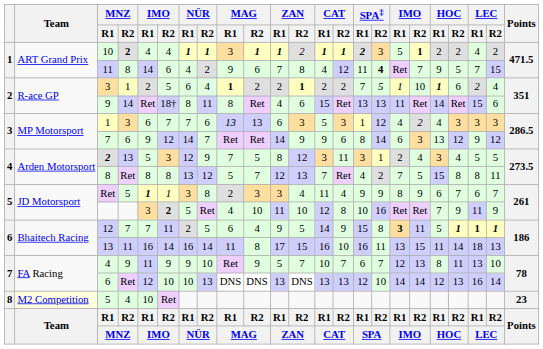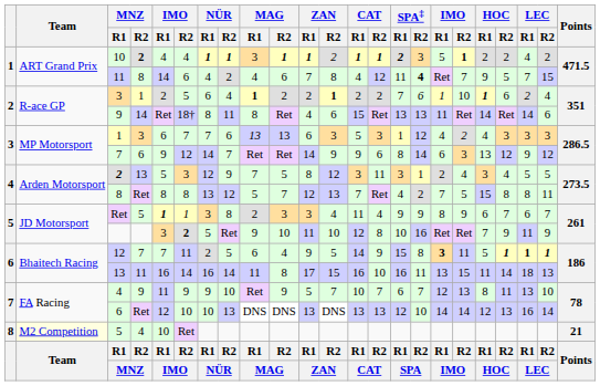 <table class="wikitable" style="font-size:85%; text-align:center">
 <tr>
 <th rowspan="2" valign="middle"></th>
 <th rowspan="2" valign="middle">Team</th>
 <th colspan="2"><a href='#'>MNZ</a><br></th>
 <th colspan="2"><a href='#'>IMO</a><br></th>
 <th colspan="2"><a href='#'>NÜR</a><br></th>
 <th colspan="2"><a href='#'>MAG</a><br></th>
 <th colspan="2"><a href='#'>ZAN</a><br></th>
 <th colspan="2"><a href='#'>CAT</a><br></th>
 <th colspan="2"><a href='#'>SPA<sup>‡</sup></a><br></th>
 <th colspan="2"><a href='#'>IMO</a><br></th>
 <th colspan="2"><a href='#'>HOC</a><br></th>
 <th colspan="2"><a href='#'>LEC</a><br></th>
 <th rowspan="2" valign="middle">Points</th>
 </tr>
 <tr>
 <th>R1</th>
 <th>R2</th>
 <th>R1</th>
 <th>R2</th>
 <th>R1</th>
 <th>R2</th>
 <th>R1</th>
 <th>R2</th>
 <th>R1</th>
 <th>R2</th>
 <th>R1</th>
 <th>R2</th>
 <th>R1</th>
 <th>R2</th>
 <th>R1</th>
 <th>R2</th>
 <th>R1</th>
 <th>R2</th>
 <th>R1</th>
 <th>R2</th>
 </tr>
 <tr>
 <th rowspan="2">1</th>
 <td rowspan="2" align="left"> <a href='#'>ART Grand Prix</a></td>
 <td style="background:#dfffdf;">10</td>
 <td style="background:#dfdfdf;"><strong>2</strong></td>
 <td style="background:#dfffdf;">4</td>
 <td style="background:#dfffdf;">4</td>
 <td style="background:#ffffbf;"><strong><em>1</em></strong></td>
 <td style="background:#ffffbf;"><strong><em>1</em></strong></td>
 <td style="background:#ffdf9f;">3</td>
 <td style="background:#ffffbf;"><strong><em>1</em></strong></td>
 <td style="background:#ffffbf;"><strong><em>1</em></strong></td>
 <td style="background:#dfdfdf;"><em>2</em></td>
 <td style="background:#ffffbf;"><strong><em>1</em></strong></td>
 <td style="background:#ffffbf;"><strong><em>1</em></strong></td>
 <td style="background:#dfdfdf;"><strong><em>2</em></strong></td>
 <td style="background:#ffdf9f;">3</td>
 <td style="background:#dfffdf;">5</td>
 <td style="background:#ffffbf;"><strong>1</strong></td>
 <td style="background:#dfdfdf;">2</td>
 <td style="background:#dfdfdf;">2</td>
 <td style="background:#dfffdf;">4</td>
 <td style="background:#dfdfdf;">2</td>
 <th rowspan="2">471.5</th>
 </tr>
 <tr>
 <td style="background:#cfcfff;">11</td>
 <td style="background:#dfffdf;">8</td>
 <td style="background:#cfcfff;">14</td>
 <td style="background:#dfffdf;">6</td>
 <td style="background:#dfffdf;">4</td>
 <td style="background:#dfdfdf;">2</td>
-<td style="background:#dfffdf;">9</td>
+<td style="background:#dfffdf;">4</td>
 <td style="background:#dfffdf;">6</td>
 <td style="background:#dfffdf;">7</td>
 <td style="background:#dfffdf;">8</td>
 <td style="background:#dfffdf;">4</td>
 <td style="background:#cfcfff;">12</td>
 <td style="background:#dfffdf;">11</td>
 <td style="background:#dfffdf;"><strong>4</strong></td>
 <td style="background:#efcfff;">Ret</td>
 <td style="background:#dfffdf;">7</td>
 <td style="background:#dfffdf;">9</td>
 <td style="background:#dfffdf;">5</td>
 <td style="background:#dfffdf;">7</td>
 <td style="background:#cfcfff;">15</td>
 </tr>
 <tr>
 <th rowspan="2">2</th>
 <td rowspan="2" align="left"> <a href='#'>R-ace GP</a></td>
 <td style="background:#ffdf9f;">3</td>
 <td style="background:#ffffbf;">1</td>
 <td style="background:#dfdfdf;">2</td>
 <td style="background:#dfffdf;">5</td>
 <td style="background:#dfffdf;">6</td>
 <td style="background:#dfffdf;">4</td>
 <td style="background:#ffffbf;"><strong>1</strong></td>
 <td style="background:#dfdfdf;">2</td>
 <td style="background:#dfdfdf;">2</td>
 <td style="background:#ffffbf;"><strong>1</strong></td>
 <td style="background:#dfdfdf;">2</td>
 <td style="background:#dfdfdf;">2</td>
 <td style="background:#dfffdf;">7</td>
-<td style="background:#dfffdf;"><em>5</em></td>
+<td style="background:#dfffdf;"><em>6</em></td>
 <td style="background:#ffffbf;"><em>1</em></td>
 <td style="background:#dfffdf;">10</td>
 <td style="background:#ffffbf;"><strong><em>1</em></strong></td>
 <td style="background:#dfffdf;">6</td>
 <td style="background:#dfdfdf;"><em>2</em></td>
 <td style="background:#dfffdf;">4</td>
 <th rowspan="2">351</th>
 </tr>
 <tr>
 <td style="background:#dfffdf;">9</td>
 <td style="background:#cfcfff;">14</td>
 <td style="background:#efcfff;">Ret</td>
 <td style="background:#cfcfff;">18†</td>
 <td style="background:#dfffdf;">8</td>
 <td style="background:#cfcfff;">11</td>
 <td style="background:#dfffdf;">8</td>
 <td style="background:#efcfff;">Ret</td>
 <td style="background:#dfffdf;">4</td>
 <td style="background:#dfffdf;">6</td>
 <td style="background:#cfcfff;">15</td>
 <td style="background:#efcfff;">Ret</td>
 <td style="background:#cfcfff;">13</td>
 <td style="background:#cfcfff;">13</td>
 <td style="background:#cfcfff;">11</td>
 <td style="background:#efcfff;">Ret</td>
 <td style="background:#cfcfff;">14</td>
 <td style="background:#efcfff;">Ret</td>
-<td style="background:#cfcfff;">15</td>
+<td style="background:#cfcfff;">14</td>
 <td style="background:#dfffdf;">6</td>
 </tr>
 <tr>
 <th rowspan="2">3</th>
 <td rowspan="2" align="left"> <a href='#'>MP Motorsport</a></td>
 <td style="background:#ffffbf;">1</td>
 <td style="background:#ffdf9f;">3</td>
 <td style="background:#dfffdf;">6</td>
 <td style="background:#dfffdf;">7</td>
 <td style="background:#dfffdf;">7</td>
 <td style="background:#dfffdf;">6</td>
 <td style="background:#cfcfff;"><em>13</em></td>
 <td style="background:#cfcfff;">13</td>
 <td style="background:#dfffdf;">6</td>
 <td style="background:#ffdf9f;">3</td>
 <td style="background:#dfffdf;">5</td>
 <td style="background:#ffdf9f;">3</td>
 <td style="background:#ffffbf;">1</td>
 <td style="background:#cfcfff;">12</td>
 <td style="background:#dfffdf;">4</td>
 <td style="background:#dfdfdf;"><em>2</em></td>
 <td style="background:#dfffdf;">4</td>
 <td style="background:#ffdf9f;">3</td>
 <td style="background:#ffdf9f;">3</td>
 <td style="background:#ffdf9f;">3</td>
 <th rowspan="2">286.5</th>
 </tr>
 <tr>
 <td style="background:#dfffdf;">7</td>
 <td style="background:#dfffdf;">6</td>
 <td style="background:#dfffdf;">9</td>
 <td style="background:#cfcfff;">12</td>
 <td style="background:#cfcfff;">14</td>
 <td style="background:#dfffdf;">7</td>
 <td style="background:#efcfff;">Ret</td>
 <td style="background:#efcfff;">Ret</td>
 <td style="background:#cfcfff;">14</td>
 <td style="background:#dfffdf;">9</td>
 <td style="background:#dfffdf;">9</td>
 <td style="background:#dfffdf;">6</td>
 <td style="background:#dfffdf;">8</td>
 <td style="background:#cfcfff;">14</td>
 <td style="background:#dfffdf;">6</td>
 <td style="background:#ffdf9f;">3</td>
 <td style="background:#dfffdf;">13</td>
 <td style="background:#cfcfff;">12</td>
 <td style="background:#dfffdf;">9</td>
 <td style="background:#cfcfff;">12</td>
 </tr>
 <tr>
 <th rowspan="2">4</th>
 <td rowspan="2" align="left"> <a href='#'>Arden Motorsport</a></td>
 <td style="background:#dfdfdf;"><strong><em>2</em></strong></td>
 <td style="background:#cfcfff;">13</td>
 <td style="background:#dfffdf;">5</td>
 <td style="background:#ffdf9f;">3</td>
 <td style="background:#cfcfff;">12</td>
 <td style="background:#dfffdf;">9</td>
 <td style="background:#dfffdf;">7</td>
 <td style="background:#dfffdf;">5</td>
 <td style="background:#dfffdf;">8</td>
 <td style="background:#cfcfff;">12</td>
 <td style="background:#ffdf9f;">3</td>
 <td style="background:#dfffdf;">11</td>
 <td style="background:#ffdf9f;">3</td>
 <td style="background:#ffffbf;">1</td>
 <td style="background:#dfdfdf;">2</td>
 <td style="background:#dfffdf;">4</td>
 <td style="background:#ffdf9f;">3</td>
 <td style="background:#dfffdf;">4</td>
 <td style="background:#dfffdf;">5</td>
 <td style="background:#dfffdf;">5</td>
 <th rowspan="2">273.5</th>
 </tr>
 <tr>
 <td style="background:#dfffdf;">8</td>
 <td style="background:#efcfff;">Ret</td>
 <td style="background:#dfffdf;">8</td>
 <td style="background:#dfffdf;">8</td>
 <td style="background:#cfcfff;">13</td>
 <td style="background:#cfcfff;">12</td>
 <td style="background:#dfffdf;">5</td>
 <td style="background:#dfffdf;">7</td>
 <td style="background:#cfcfff;">12</td>
 <td style="background:#cfcfff;">13</td>
 <td style="background:#dfffdf;">7</td>
 <td style="background:#efcfff;">Ret</td>
 <td style="background:#dfffdf;">4</td>
 <td style="background:#dfdfdf;">2</td>
 <td style="background:#dfffdf;">7</td>
 <td style="background:#dfffdf;">5</td>
 <td style="background:#cfcfff;">15</td>
 <td style="background:#dfffdf;">8</td>
 <td style="background:#dfffdf;">8</td>
 <td style="background:#dfffdf;">11</td>
 </tr>
 <tr>
 <th rowspan="2">5</th>
 <td rowspan="2" align="left"> <a href='#'>JD Motorsport</a></td>
 <td style="background:#efcfff;">Ret</td>
 <td style="background:#dfffdf;">5</td>
 <td style="background:#ffffbf;"><strong><em>1</em></strong></td>
 <td style="background:#ffffbf;"><em>1</em></td>
 <td style="background:#ffdf9f;">3</td>
 <td style="background:#dfffdf;">8</td>
 <td style="background:#dfdfdf;">2</td>
 <td style="background:#ffdf9f;">3</td>
 <td style="background:#ffdf9f;">3</td>
 <td style="background:#dfffdf;">4</td>
 <td style="background:#dfffdf;">11</td>
 <td style="background:#dfffdf;">4</td>
 <td style="background:#dfffdf;">9</td>
 <td style="background:#dfffdf;">9</td>
 <td style="background:#dfffdf;">8</td>
 <td style="background:#dfffdf;">9</td>
 <td style="background:#dfffdf;">6</td>
 <td style="background:#dfffdf;">7</td>
 <td style="background:#dfffdf;">6</td>
 <td style="background:#dfffdf;">7</td>
 <th rowspan="2">261</th>
 </tr>
 <tr>
 <td></td>
 <td></td>
 <td style="background:#ffdf9f;">3</td>
 <td style="background:#dfdfdf;"><strong>2</strong></td>
 <td style="background:#dfffdf;">5</td>
 <td style="background:#efcfff;">Ret</td>
-<td style="background:#dfffdf;">4</td>
+<td style="background:#dfffdf;">9</td>
 <td style="background:#dfffdf;">10</td>
 <td style="background:#cfcfff;">11</td>
 <td style="background:#dfffdf;">10</td>
 <td style="background:#cfcfff;">12</td>
 <td style="background:#dfffdf;">8</td>
 <td style="background:#dfffdf;">10</td>
 <td style="background:#cfcfff;">16</td>
 <td style="background:#efcfff;">Ret</td>
 <td style="background:#efcfff;">Ret</td>
 <td style="background:#dfffdf;">7</td>
 <td style="background:#dfffdf;">9</td>
 <td style="background:#cfcfff;">11</td>
 <td style="background:#dfffdf;">9</td>
 </tr>
 <tr>
 <th rowspan="2">6</th>
 <td rowspan="2" align="left"> <a href='#'>Bhaitech Racing</a></td>
 <td style="background:#cfcfff;">12</td>
 <td style="background:#dfffdf;">7</td>
 <td style="background:#dfffdf;">7</td>
 <td style="background:#cfcfff;">11</td>
 <td style="background:#dfdfdf;">2</td>
 <td style="background:#dfffdf;">5</td>
 <td style="background:#dfffdf;">6</td>
 <td style="background:#dfffdf;">4</td>
 <td style="background:#dfffdf;">9</td>
 <td style="background:#dfffdf;">5</td>
 <td style="background:#cfcfff;">14</td>
 <td style="background:#dfffdf;">9</td>
 <td style="background:#cfcfff;">15</td>
 <td style="background:#dfffdf;">8</td>
 <td style="background:#ffdf9f;"><strong>3</strong></td>
 <td style="background:#cfcfff;">11</td>
 <td style="background:#dfffdf;">5</td>
 <td style="background:#ffffbf;"><strong><em>1</em></strong></td>
 <td style="background:#ffffbf;"><strong>1</strong></td>
 <td style="background:#ffffbf;"><strong><em>1</em></strong></td>
 <th rowspan="2">186</th>
 </tr>
 <tr>
 <td style="background:#cfcfff;">13</td>
 <td style="background:#cfcfff;">11</td>
 <td style="background:#cfcfff;">16</td>
 <td style="background:#cfcfff;">14</td>
 <td style="background:#cfcfff;">16</td>
 <td style="background:#cfcfff;">14</td>
 <td style="background:#cfcfff;">11</td>
 <td style="background:#dfffdf;">8</td>
 <td style="background:#cfcfff;">17</td>
 <td style="background:#cfcfff;">15</td>
 <td style="background:#cfcfff;">16</td>
 <td style="background:#dfffdf;">10</td>
 <td style="background:#cfcfff;">16</td>
 <td style="background:#dfffdf;">11</td>
 <td style="background:#cfcfff;">13</td>
 <td style="background:#cfcfff;">15</td>
 <td style="background:#cfcfff;">11</td>
 <td style="background:#cfcfff;">14</td>
 <td style="background:#cfcfff;">18</td>
 <td style="background:#cfcfff;">13</td>
 </tr>
 <tr>
 <th rowspan="2">7</th>
 <td rowspan="2" align="left"> <a href='#'>FA</a> Racing</td>
 <td style="background:#dfffdf;">4</td>
 <td style="background:#dfffdf;">9</td>
 <td style="background:#cfcfff;">11</td>
 <td style="background:#dfffdf;">9</td>
 <td style="background:#dfffdf;">9</td>
 <td style="background:#dfffdf;">10</td>
 <td style="background:#efcfff;">Ret</td>
 <td style="background:#dfffdf;">9</td>
 <td style="background:#dfffdf;">5</td>
 <td style="background:#dfffdf;">7</td>
 <td style="background:#dfffdf;">10</td>
 <td style="background:#dfffdf;">7</td>
 <td style="background:#dfffdf;">6</td>
 <td style="background:#dfffdf;">7</td>
 <td style="background:#cfcfff;">12</td>
 <td style="background:#cfcfff;">13</td>
 <td style="background:#dfffdf;">8</td>
 <td style="background:#cfcfff;">11</td>
 <td style="background:#cfcfff;">13</td>
 <td style="background:#dfffdf;">10</td>
 <th rowspan="2">78</th>
 </tr>
 <tr>
 <td style="background:#dfffdf;">6</td>
 <td style="background:#efcfff;">Ret</td>
 <td style="background:#cfcfff;">12</td>
 <td style="background:#dfffdf;">10</td>
 <td style="background:#dfffdf;">10</td>
 <td style="background:#cfcfff;">13</td>
 <td style="background:#ffffff;">DNS</td>
 <td style="background:#ffffff;">DNS</td>
 <td style="background:#cfcfff;">13</td>
 <td style="background:#ffffff;">DNS</td>
 <td style="background:#cfcfff;">13</td>
 <td style="background:#cfcfff;">13</td>
 <td style="background:#cfcfff;">12</td>
 <td style="background:#dfffdf;">10</td>
 <td style="background:#cfcfff;">14</td>
 <td style="background:#cfcfff;">14</td>
 <td style="background:#cfcfff;">12</td>
 <td style="background:#cfcfff;">13</td>
 <td style="background:#cfcfff;">16</td>
 <td style="background:#cfcfff;">14</td>
 </tr>
 <tr>
 <th>8</th>
 <td align="left" style="background: lightyellow;"> <a href='#'>M2 Competition</a></td>
 <td style="background:#dfffdf;">5</td>
 <td style="background:#dfffdf;">4</td>
 <td style="background:#dfffdf;">10</td>
 <td style="background:#efcfff;">Ret</td>
 <td></td>
 <td></td>
 <td></td>
 <td></td>
 <td></td>
 <td></td>
 <td></td>
 <td></td>
 <td></td>
 <td></td>
 <td></td>
 <td></td>
 <td></td>
 <td></td>
 <td></td>
 <td></td>
-<th>23</th>
+<th>21</th>
 </tr>
 <tr>
 <th rowspan="2"></th>
 <th rowspan="2">Team</th>
 <th>R1</th>
 <th>R2</th>
 <th>R1</th>
 <th>R2</th>
 <th>R1</th>
 <th>R2</th>
 <th>R1</th>
 <th>R2</th>
 <th>R1</th>
 <th>R2</th>
 <th>R1</th>
 <th>R2</th>
 <th>R1</th>
 <th>R2</th>
 <th>R1</th>
 <th>R2</th>
 <th>R1</th>
 <th>R2</th>
 <th>R1</th>
 <th>R2</th>
 <th rowspan="2">Points</th>
 </tr>
 <tr>
 <th colspan="2"><a href='#'>MNZ</a><br></th>
 <th colspan="2"><a href='#'>IMO</a><br></th>
 <th colspan="2"><a href='#'>NÜR</a><br></th>
 <th colspan="2"><a href='#'>MAG</a><br></th>
 <th colspan="2"><a href='#'>ZAN</a><br></th>
 <th colspan="2"><a href='#'>CAT</a><br></th>
 <th colspan="2"><a href='#'>SPA</a><br></th>
 <th colspan="2"><a href='#'>IMO</a><br></th>
 <th colspan="2"><a href='#'>HOC</a><br></th>
 <th colspan="2"><a href='#'>LEC</a><br></th>
 </tr>
 </table>
